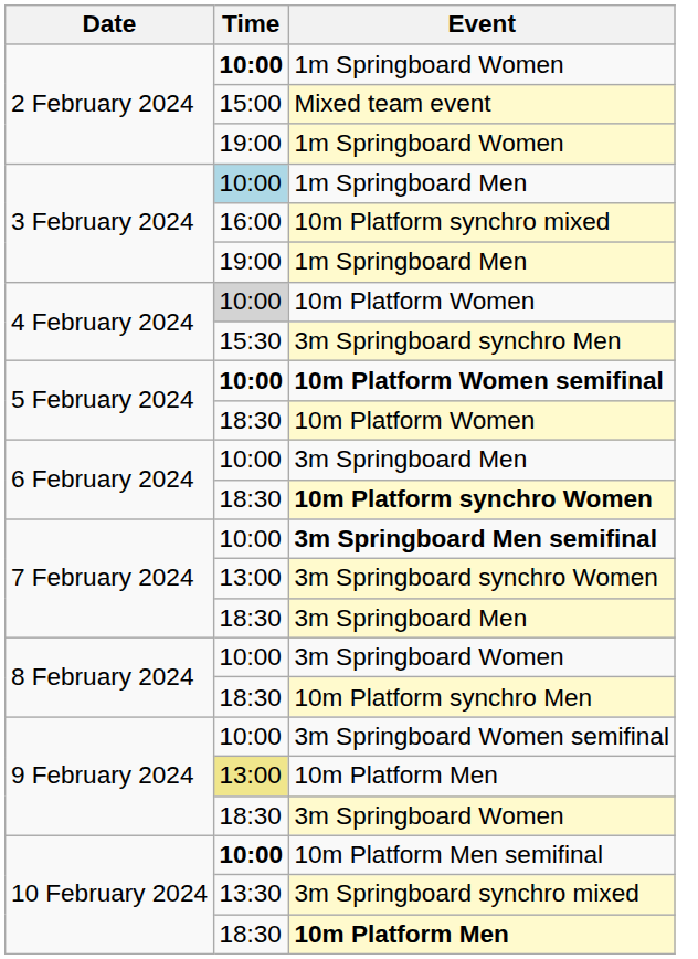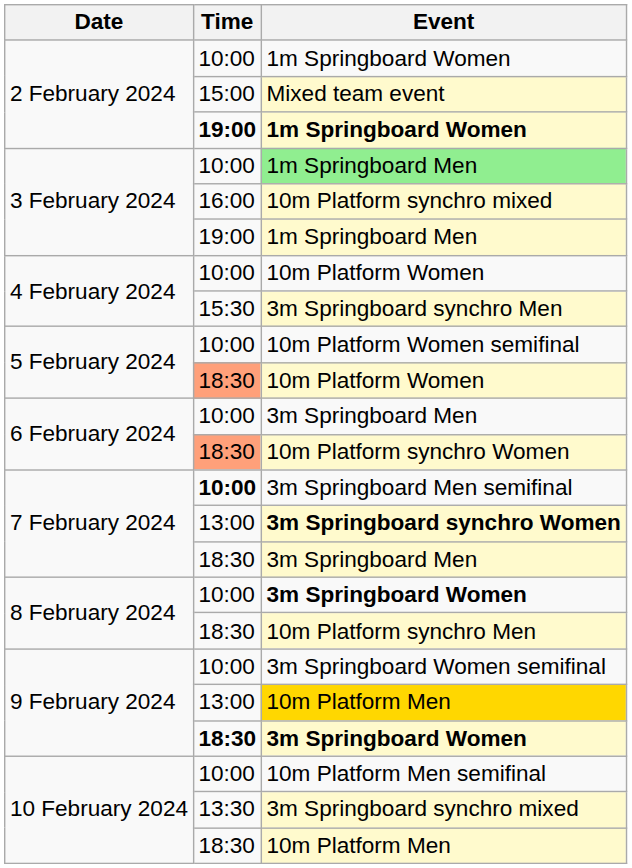 <table class="wikitable">
 <tr>
 <th>Date</th>
 <th>Time</th>
 <th>Event</th>
 </tr>
 <tr>
 <td rowspan=3>2 February 2024</td>
-<td><strong>10:00</strong></td>
+<td>10:00</td>
 <td>1m Springboard Women</td>
 </tr>
 <tr>
 <td>15:00</td>
 <td style="background:lemonchiffon">Mixed team event</td>
 </tr>
 <tr>
-<td>19:00</td>
-<td style="background:lemonchiffon">1m Springboard Women</td>
+<td><strong>19:00</strong></td>
+<td style="background:lemonchiffon"><strong>1m Springboard Women</strong></td>
 </tr>
 <tr>
 <td rowspan=3>3 February 2024</td>
-<td style="background: lightblue;">10:00</td>
-<td>1m Springboard Men</td>
+<td>10:00</td>
+<td style="background: lightgreen;">1m Springboard Men</td>
 </tr>
 <tr>
 <td>16:00</td>
 <td style="background:lemonchiffon">10m Platform synchro mixed</td>
 </tr>
 <tr>
 <td>19:00</td>
 <td style="background:lemonchiffon">1m Springboard Men</td>
 </tr>
 <tr>
 <td rowspan=2>4 February 2024</td>
-<td style="background: lightgrey;">10:00</td>
+<td>10:00</td>
 <td>10m Platform Women</td>
 </tr>
 <tr>
 <td>15:30</td>
 <td style="background:lemonchiffon">3m Springboard synchro Men</td>
 </tr>
 <tr>
 <td rowspan=2>5 February 2024</td>
-<td><strong>10:00</strong></td>
-<td><strong>10m Platform Women semifinal</strong></td>
+<td>10:00</td>
+<td>10m Platform Women semifinal</td>
 </tr>
 <tr>
-<td>18:30</td>
+<td style="background: lightsalmon;">18:30</td>
 <td style="background:lemonchiffon">10m Platform Women</td>
 </tr>
 <tr>
 <td rowspan=2>6 February 2024</td>
 <td>10:00</td>
 <td>3m Springboard Men</td>
 </tr>
 <tr>
-<td>18:30</td>
-<td style="background:lemonchiffon"><strong>10m Platform synchro Women</strong></td>
+<td style="background: lightsalmon;">18:30</td>
+<td style="background:lemonchiffon">10m Platform synchro Women</td>
 </tr>
 <tr>
 <td rowspan=3>7 February 2024</td>
-<td>10:00</td>
-<td><strong>3m Springboard Men semifinal</strong></td>
+<td><strong>10:00</strong></td>
+<td>3m Springboard Men semifinal</td>
 </tr>
 <tr>
 <td>13:00</td>
-<td style="background:lemonchiffon">3m Springboard synchro Women</td>
+<td style="background:lemonchiffon"><strong>3m Springboard synchro Women</strong></td>
 </tr>
 <tr>
 <td>18:30</td>
 <td style="background:lemonchiffon">3m Springboard Men</td>
 </tr>
 <tr>
 <td rowspan=2>8 February 2024</td>
 <td>10:00</td>
-<td>3m Springboard Women</td>
+<td><strong>3m Springboard Women</strong></td>
 </tr>
 <tr>
 <td>18:30</td>
 <td style="background:lemonchiffon">10m Platform synchro Men</td>
 </tr>
 <tr>
 <td rowspan=3>9 February 2024</td>
 <td>10:00</td>
 <td>3m Springboard Women semifinal</td>
 </tr>
 <tr>
-<td style="background: khaki;">13:00</td>
-<td>10m Platform Men</td>
+<td>13:00</td>
+<td style="background: gold;">10m Platform Men</td>
 </tr>
 <tr>
-<td>18:30</td>
-<td style="background:lemonchiffon">3m Springboard Women</td>
+<td><strong>18:30</strong></td>
+<td style="background:lemonchiffon"><strong>3m Springboard Women</strong></td>
 </tr>
 <tr>
 <td rowspan=3>10 February 2024</td>
-<td><strong>10:00</strong></td>
+<td>10:00</td>
 <td>10m Platform Men semifinal</td>
 </tr>
 <tr>
 <td>13:30</td>
 <td style="background:lemonchiffon">3m Springboard synchro mixed</td>
 </tr>
 <tr>
 <td>18:30</td>
-<td style="background:lemonchiffon"><strong>10m Platform Men</strong></td>
+<td style="background:lemonchiffon">10m Platform Men</td>
 </tr>
 </table>
